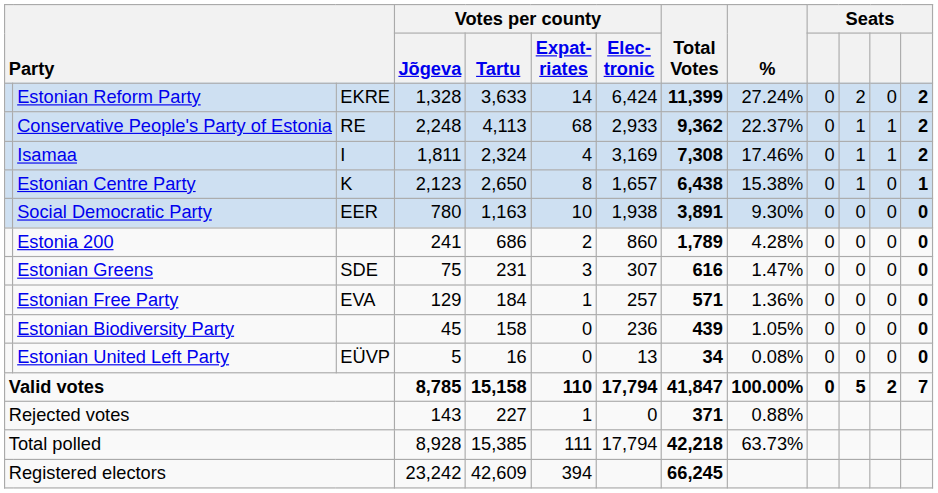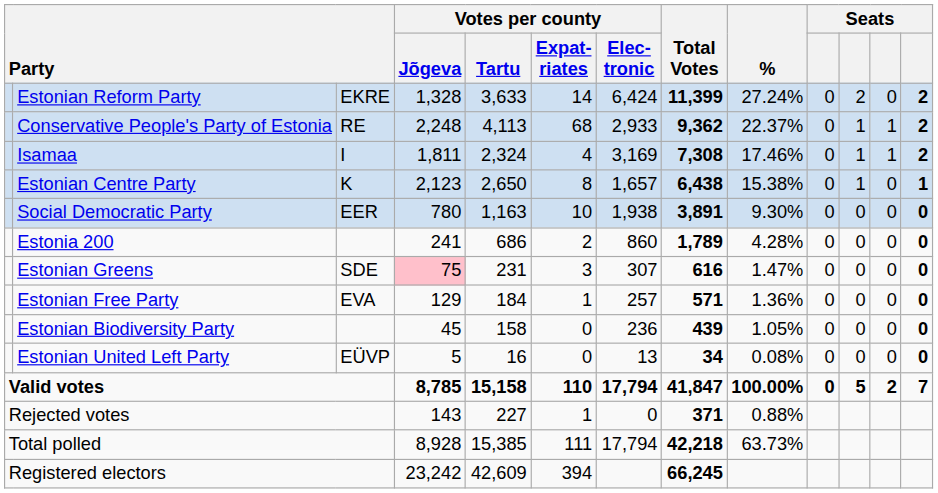 <table class="wikitable" border="1" style="text-align:right;">
 <tr>
 <th style="text-align:left;" valign=bottom rowspan=2 colspan=3>Party</th>
 <th colspan=4>Votes per county</th>
 <th align=center valign=bottom rowspan=2 width="50">Total Votes</th>
 <th align=center valign=bottom rowspan=2 width="50">%</th>
 <th colspan=4>Seats</th>
 </tr>
 <tr>
 <th align=center valign=bottom width="50"><a href='#'>Jõgeva</a></th>
 <th align=center valign=bottom width="50"><a href='#'>Tartu</a></th>
 <th align=center valign=bottom width="50"><a href='#'>Expat- riates</a></th>
 <th align=center valign=bottom width="50"><a href='#'>Elec- tronic</a></th>
 <th align=center valign=bottom width="20"><small></small></th>
 <th align=center valign=bottom width="20"><small></small></th>
 <th align=center valign=bottom width="20"><small></small></th>
 <th align=center valign=bottom width="20"><small></small></th>
 </tr>
 <tr style="background:#CEE0F2;">
 <td style="background:"></td>
 <td align=left><a href='#'>Estonian Reform Party</a></td>
 <td align=left>EKRE</td>
 <td>1,328</td>
 <td>3,633</td>
 <td>14</td>
 <td>6,424</td>
 <td><strong>11,399</strong></td>
 <td>27.24%</td>
 <td>0</td>
 <td>2</td>
 <td>0</td>
 <td><strong>2</strong></td>
 </tr>
 <tr style="background:#CEE0F2;">
 <td style="background:"></td>
 <td align=left><a href='#'>Conservative People's Party of Estonia</a></td>
 <td align=left>RE</td>
 <td>2,248</td>
 <td>4,113</td>
 <td>68</td>
 <td>2,933</td>
 <td><strong>9,362</strong></td>
 <td>22.37%</td>
 <td>0</td>
 <td>1</td>
 <td>1</td>
 <td><strong>2</strong></td>
 </tr>
 <tr style="background:#CEE0F2;">
 <td style="background:"></td>
 <td align=left><a href='#'>Isamaa</a></td>
 <td align=left>I</td>
 <td>1,811</td>
 <td>2,324</td>
 <td>4</td>
 <td>3,169</td>
 <td><strong>7,308</strong></td>
 <td>17.46%</td>
 <td>0</td>
 <td>1</td>
 <td>1</td>
 <td><strong>2</strong></td>
 </tr>
 <tr style="background:#CEE0F2;">
 <td style="background:"></td>
 <td align=left><a href='#'>Estonian Centre Party</a></td>
 <td align=left>K</td>
 <td>2,123</td>
 <td>2,650</td>
 <td>8</td>
 <td>1,657</td>
 <td><strong>6,438</strong></td>
 <td>15.38%</td>
 <td>0</td>
 <td>1</td>
 <td>0</td>
 <td><strong>1</strong></td>
 </tr>
 <tr style="background:#CEE0F2;">
 <td style="background:"></td>
 <td align=left><a href='#'>Social Democratic Party</a></td>
 <td align=left>EER</td>
 <td>780</td>
 <td>1,163</td>
 <td>10</td>
 <td>1,938</td>
 <td><strong>3,891</strong></td>
 <td>9.30%</td>
 <td>0</td>
 <td>0</td>
 <td>0</td>
 <td><strong>0</strong></td>
 </tr>
 <tr>
 <td style="background:"></td>
 <td align=left><a href='#'>Estonia 200</a></td>
 <td></td>
 <td>241</td>
 <td>686</td>
 <td>2</td>
 <td>860</td>
 <td><strong>1,789</strong></td>
 <td>4.28%</td>
 <td>0</td>
 <td>0</td>
 <td>0</td>
 <td><strong>0</strong></td>
 </tr>
 <tr>
 <td style="background:"></td>
 <td align=left><a href='#'>Estonian Greens</a></td>
 <td align=left>SDE</td>
-<td>75</td>
+<td style="background: pink;">75</td>
 <td>231</td>
 <td>3</td>
 <td>307</td>
 <td><strong>616</strong></td>
 <td>1.47%</td>
 <td>0</td>
 <td>0</td>
 <td>0</td>
 <td><strong>0</strong></td>
 </tr>
 <tr>
 <td style="background:"></td>
 <td align=left><a href='#'>Estonian Free Party</a></td>
 <td align=left>EVA</td>
 <td>129</td>
 <td>184</td>
 <td>1</td>
 <td>257</td>
 <td><strong>571</strong></td>
 <td>1.36%</td>
 <td>0</td>
 <td>0</td>
 <td>0</td>
 <td><strong>0</strong></td>
 </tr>
 <tr>
 <td style="background:"></td>
 <td align=left><a href='#'>Estonian Biodiversity Party</a></td>
 <td></td>
 <td>45</td>
 <td>158</td>
 <td>0</td>
 <td>236</td>
 <td><strong>439</strong></td>
 <td>1.05%</td>
 <td>0</td>
 <td>0</td>
 <td>0</td>
 <td><strong>0</strong></td>
 </tr>
 <tr>
 <td style="background:"></td>
 <td align=left><a href='#'>Estonian United Left Party</a></td>
 <td align=left>EÜVP</td>
 <td>5</td>
 <td>16</td>
 <td>0</td>
 <td>13</td>
 <td><strong>34</strong></td>
 <td>0.08%</td>
 <td>0</td>
 <td>0</td>
 <td>0</td>
 <td><strong>0</strong></td>
 </tr>
 <tr style="font-weight:bold">
 <td align=left colspan=3>Valid votes</td>
 <td>8,785</td>
 <td>15,158</td>
 <td>110</td>
 <td>17,794</td>
 <td>41,847</td>
 <td>100.00%</td>
 <td>0</td>
 <td>5</td>
 <td>2</td>
 <td>7</td>
 </tr>
 <tr>
 <td align=left colspan=3>Rejected votes</td>
 <td>143</td>
 <td>227</td>
 <td>1</td>
 <td>0</td>
 <td><strong>371</strong></td>
 <td>0.88%</td>
 <td></td>
 <td></td>
 <td></td>
 <td></td>
 </tr>
 <tr>
 <td align=left colspan=3>Total polled</td>
 <td>8,928</td>
 <td>15,385</td>
 <td>111</td>
 <td>17,794</td>
 <td><strong>42,218</strong></td>
 <td>63.73%</td>
 <td></td>
 <td></td>
 <td></td>
 <td></td>
 </tr>
 <tr>
 <td align=left colspan=3>Registered electors</td>
 <td>23,242</td>
 <td>42,609</td>
 <td>394</td>
 <td></td>
 <td><strong>66,245</strong></td>
 <td></td>
 <td></td>
 <td></td>
 <td></td>
 <td></td>
 </tr>
 </table>
